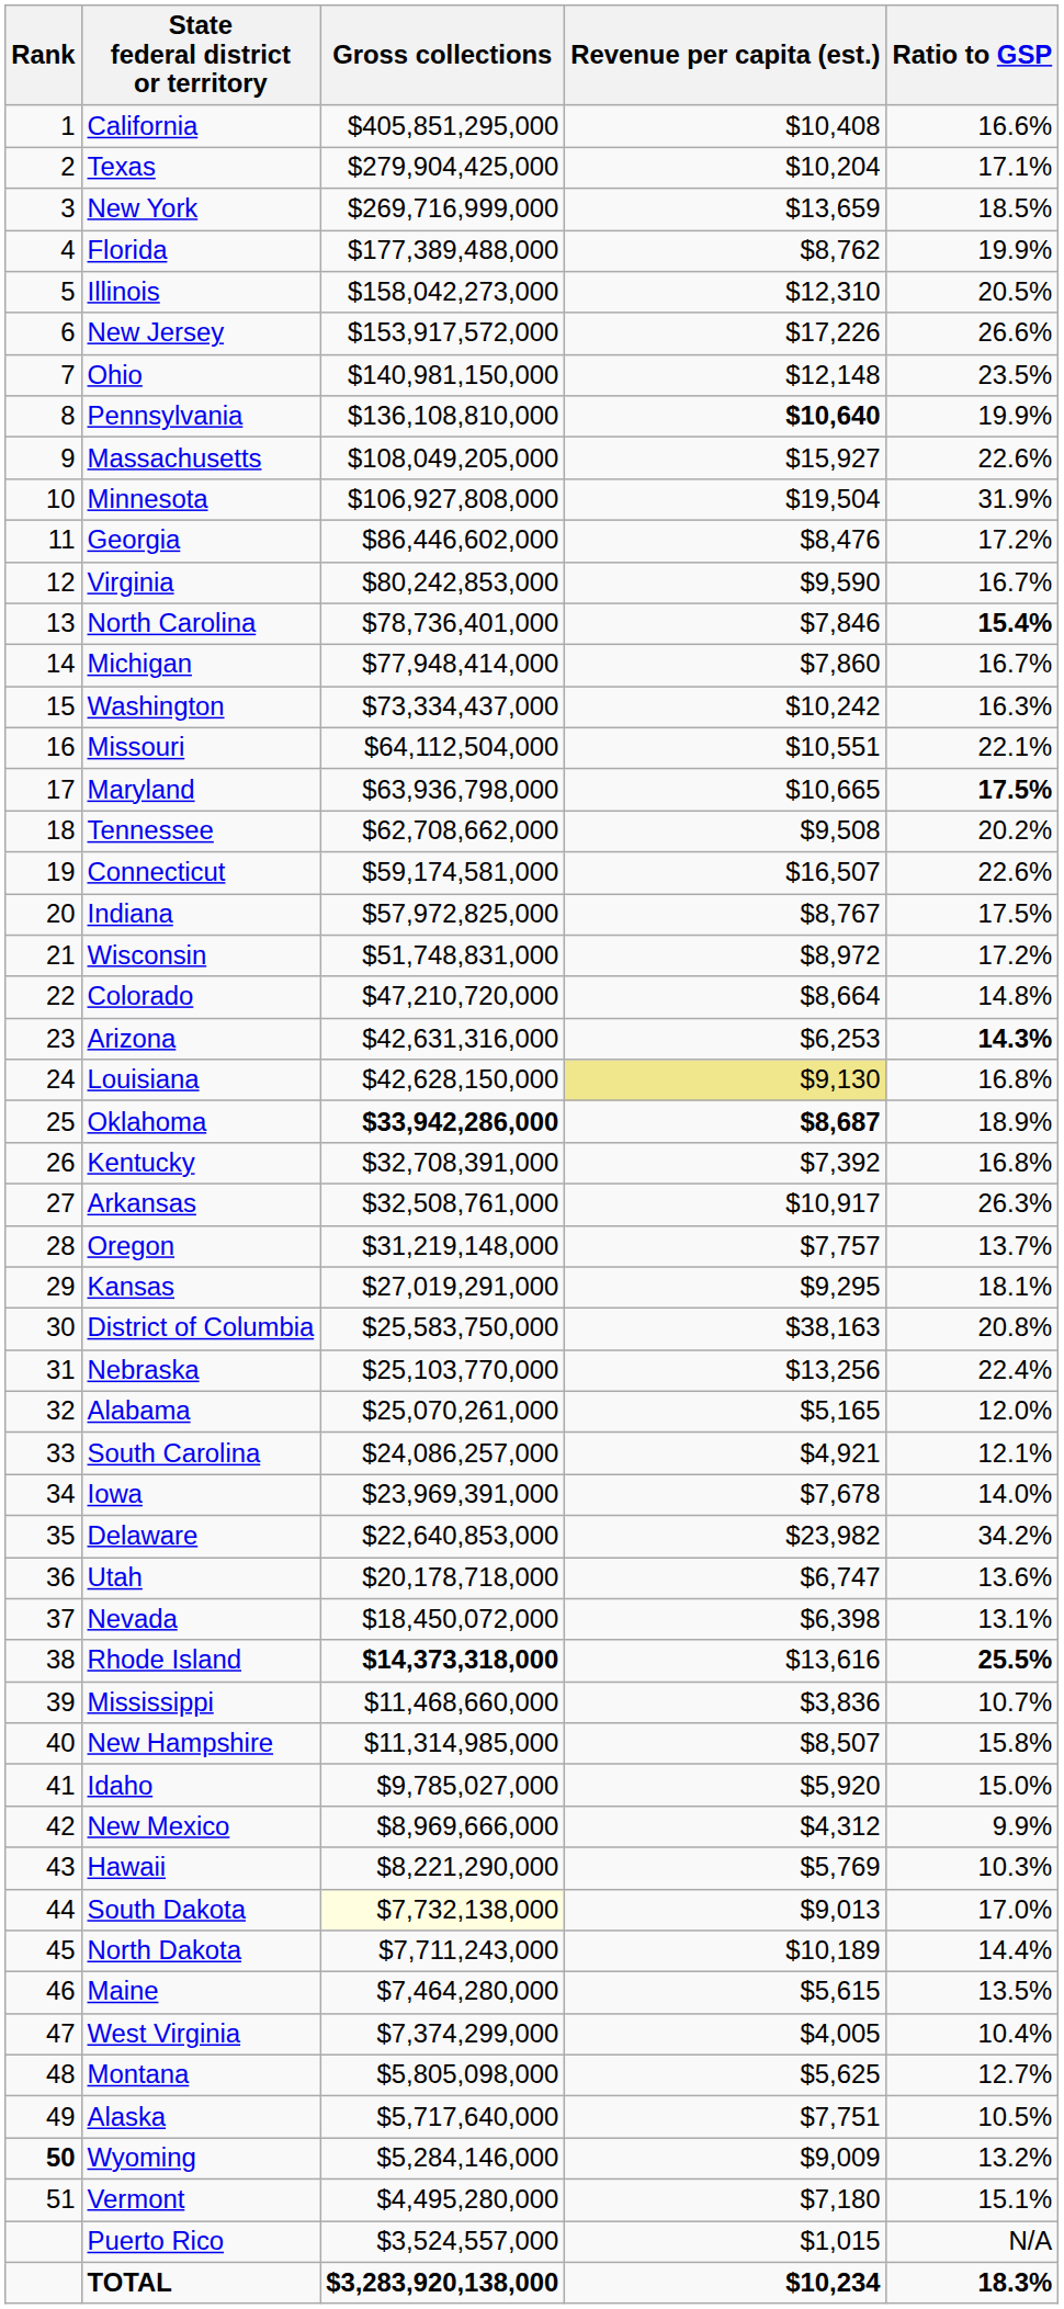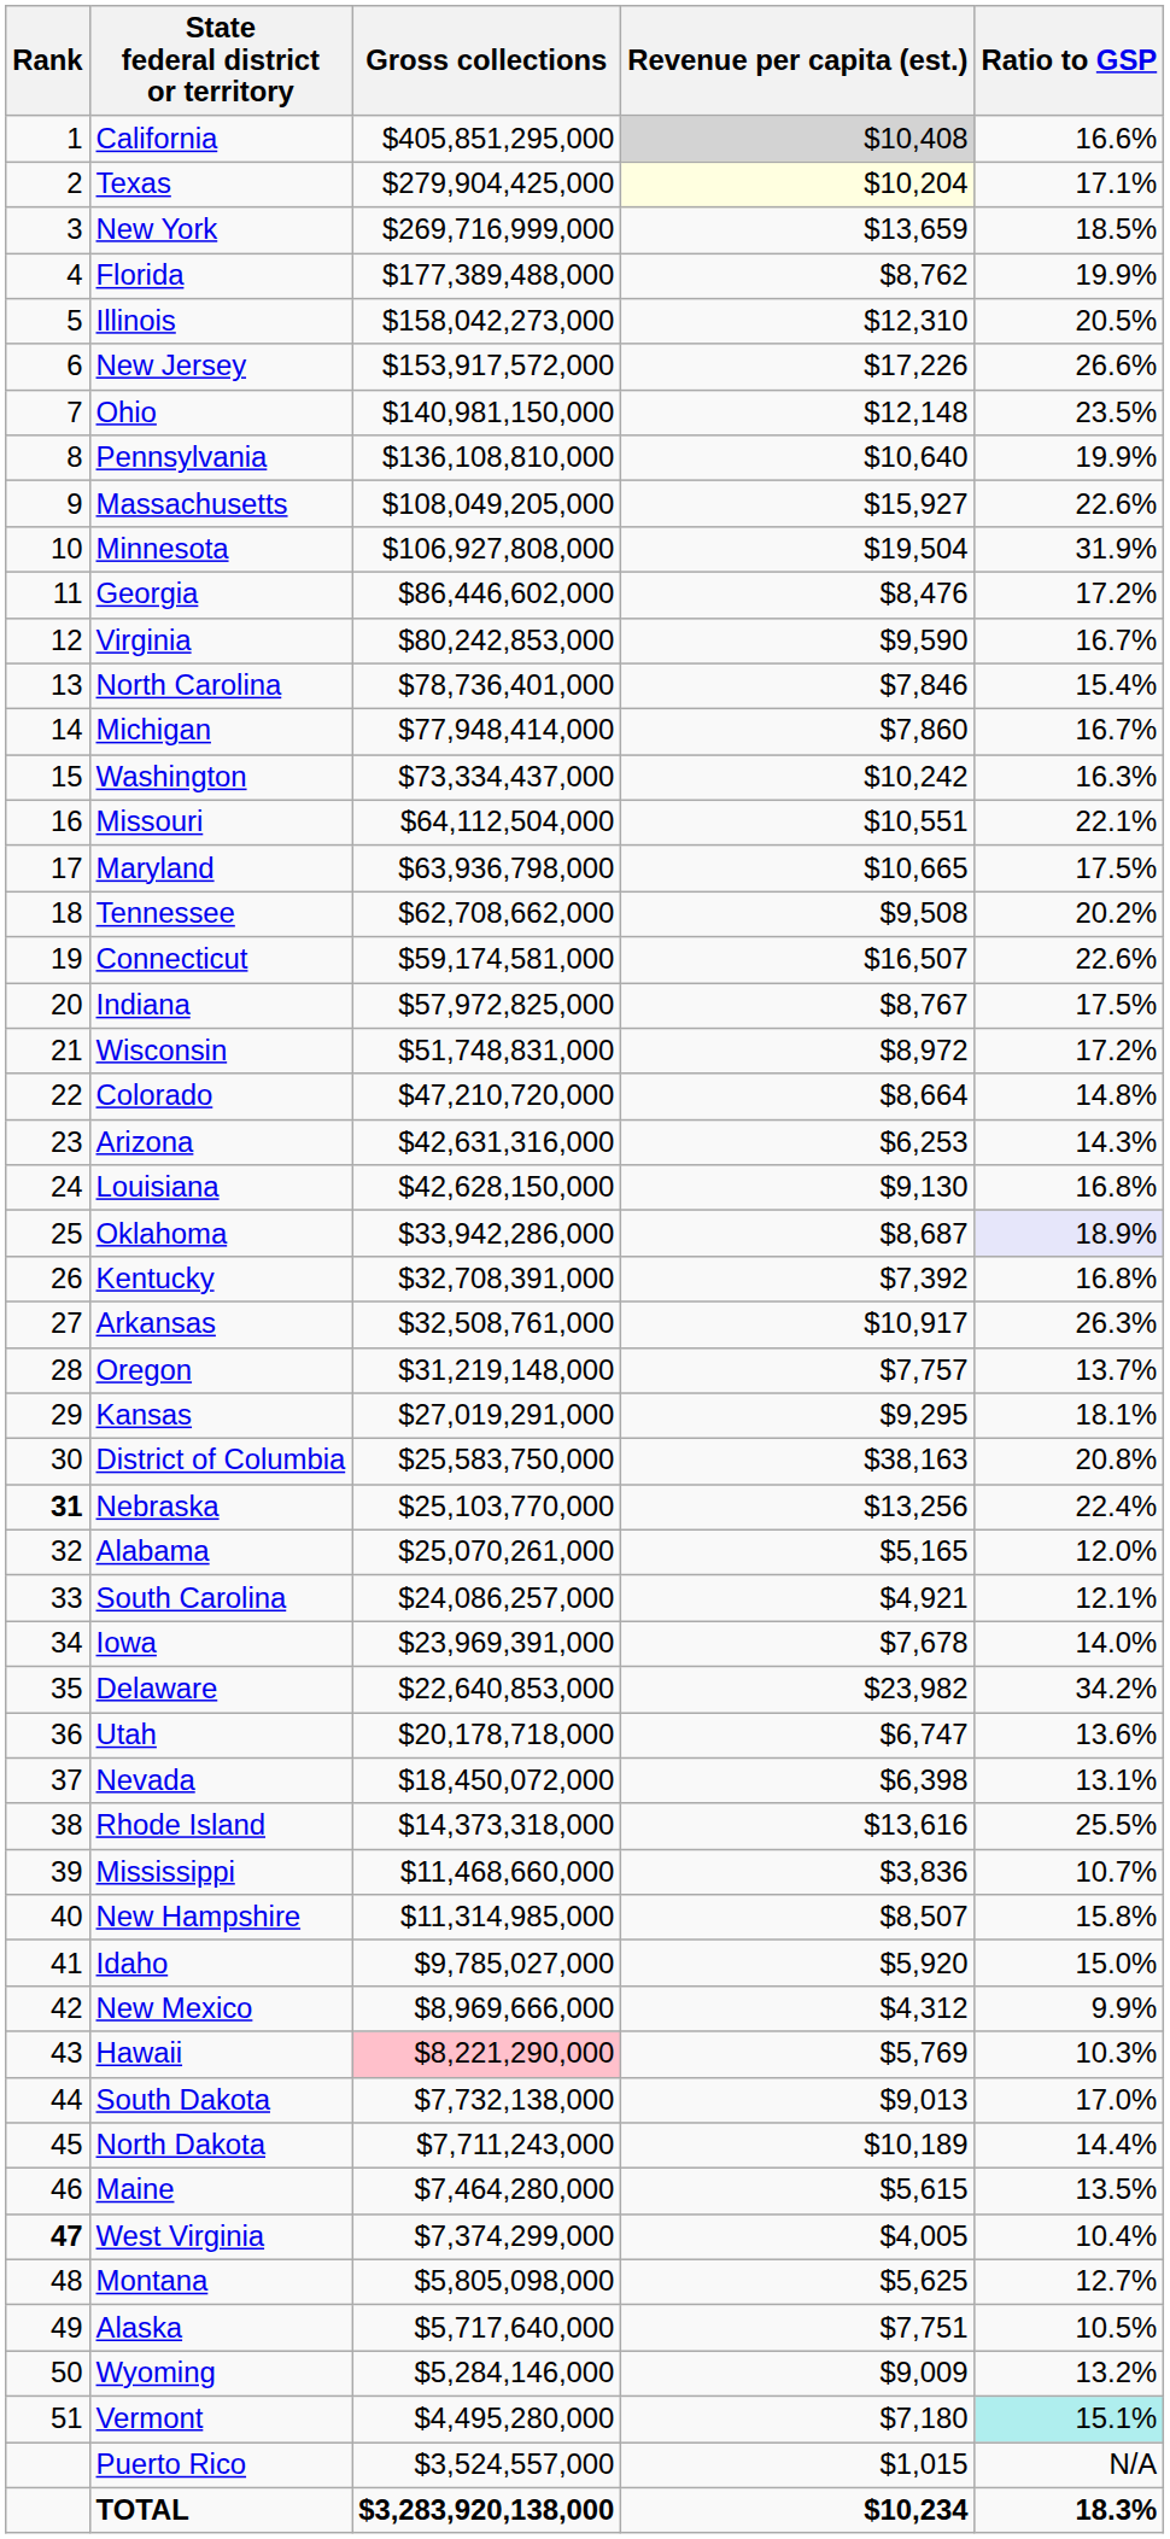 <table class="wikitable sortable">
 <tr>
 <th align=center>Rank</th>
 <th align=center>State<br>federal district<br> or territory</th>
 <th align=center>Gross collections</th>
 <th align=center>Revenue per capita (est.)</th>
 <th align=center>Ratio to <a href='#'>GSP</a></th>
 </tr>
 <tr>
 <td align=right>1</td>
 <td><a href='#'>California</a></td>
 <td align=right>$405,851,295,000</td>
-<td align=right>$10,408</td>
+<td align=right style="background: lightgrey;">$10,408</td>
 <td align=right>16.6%</td>
 </tr>
 <tr>
 <td align=right>2</td>
 <td><a href='#'>Texas</a></td>
 <td align=right>$279,904,425,000</td>
-<td align=right>$10,204</td>
+<td align=right style="background: lightyellow;">$10,204</td>
 <td align=right>17.1%</td>
 </tr>
 <tr>
 <td align=right>3</td>
 <td><a href='#'>New York</a></td>
 <td align=right>$269,716,999,000</td>
 <td align=right>$13,659</td>
 <td align=right>18.5%</td>
 </tr>
 <tr>
 <td align=right>4</td>
 <td><a href='#'>Florida</a></td>
 <td align=right>$177,389,488,000</td>
 <td align=right>$8,762</td>
 <td align=right>19.9%</td>
 </tr>
 <tr>
 <td align=right>5</td>
 <td><a href='#'>Illinois</a></td>
 <td align=right>$158,042,273,000</td>
 <td align=right>$12,310</td>
 <td align=right>20.5%</td>
 </tr>
 <tr>
 <td align=right>6</td>
 <td><a href='#'>New Jersey</a></td>
 <td align=right>$153,917,572,000</td>
 <td align=right>$17,226</td>
 <td align=right>26.6%</td>
 </tr>
 <tr>
 <td align=right>7</td>
 <td><a href='#'>Ohio</a></td>
 <td align=right>$140,981,150,000</td>
 <td align=right>$12,148</td>
 <td align=right>23.5%</td>
 </tr>
 <tr>
 <td align=right>8</td>
 <td><a href='#'>Pennsylvania</a></td>
 <td align=right>$136,108,810,000</td>
-<td align=right><strong>$10,640</strong></td>
+<td align=right>$10,640</td>
 <td align=right>19.9%</td>
 </tr>
 <tr>
 <td align=right>9</td>
 <td><a href='#'>Massachusetts</a></td>
 <td align=right>$108,049,205,000</td>
 <td align=right>$15,927</td>
 <td align=right>22.6%</td>
 </tr>
 <tr>
 <td align=right>10</td>
 <td><a href='#'>Minnesota</a></td>
 <td align=right>$106,927,808,000</td>
 <td align=right>$19,504</td>
 <td align=right>31.9%</td>
 </tr>
 <tr>
 <td align=right>11</td>
 <td><a href='#'>Georgia</a></td>
 <td align=right>$86,446,602,000</td>
 <td align=right>$8,476</td>
 <td align=right>17.2%</td>
 </tr>
 <tr>
 <td align=right>12</td>
 <td><a href='#'>Virginia</a></td>
 <td align=right>$80,242,853,000</td>
 <td align=right>$9,590</td>
 <td align=right>16.7%</td>
 </tr>
 <tr>
 <td align=right>13</td>
 <td><a href='#'>North Carolina</a></td>
 <td align=right>$78,736,401,000</td>
 <td align=right>$7,846</td>
-<td align=right><strong>15.4%</strong></td>
+<td align=right>15.4%</td>
 </tr>
 <tr>
 <td align=right>14</td>
 <td><a href='#'>Michigan</a></td>
 <td align=right>$77,948,414,000</td>
 <td align=right>$7,860</td>
 <td align=right>16.7%</td>
 </tr>
 <tr>
 <td align=right>15</td>
 <td><a href='#'>Washington</a></td>
 <td align=right>$73,334,437,000</td>
 <td align=right>$10,242</td>
 <td align=right>16.3%</td>
 </tr>
 <tr>
 <td align=right>16</td>
 <td><a href='#'>Missouri</a></td>
 <td align=right>$64,112,504,000</td>
 <td align=right>$10,551</td>
 <td align=right>22.1%</td>
 </tr>
 <tr>
 <td align=right>17</td>
 <td><a href='#'>Maryland</a></td>
 <td align=right>$63,936,798,000</td>
 <td align=right>$10,665</td>
-<td align=right><strong>17.5%</strong></td>
+<td align=right>17.5%</td>
 </tr>
 <tr>
 <td align=right>18</td>
 <td><a href='#'>Tennessee</a></td>
 <td align=right>$62,708,662,000</td>
 <td align=right>$9,508</td>
 <td align=right>20.2%</td>
 </tr>
 <tr>
 <td align=right>19</td>
 <td><a href='#'>Connecticut</a></td>
 <td align=right>$59,174,581,000</td>
 <td align=right>$16,507</td>
 <td align=right>22.6%</td>
 </tr>
 <tr>
 <td align=right>20</td>
 <td><a href='#'>Indiana</a></td>
 <td align=right>$57,972,825,000</td>
 <td align=right>$8,767</td>
 <td align=right>17.5%</td>
 </tr>
 <tr>
 <td align=right>21</td>
 <td><a href='#'>Wisconsin</a></td>
 <td align=right>$51,748,831,000</td>
 <td align=right>$8,972</td>
 <td align=right>17.2%</td>
 </tr>
 <tr>
 <td align=right>22</td>
 <td><a href='#'>Colorado</a></td>
 <td align=right>$47,210,720,000</td>
 <td align=right>$8,664</td>
 <td align=right>14.8%</td>
 </tr>
 <tr>
 <td align=right>23</td>
 <td><a href='#'>Arizona</a></td>
 <td align=right>$42,631,316,000</td>
 <td align=right>$6,253</td>
-<td align=right><strong>14.3%</strong></td>
+<td align=right>14.3%</td>
 </tr>
 <tr>
 <td align=right>24</td>
 <td><a href='#'>Louisiana</a></td>
 <td align=right>$42,628,150,000</td>
-<td align=right style="background: khaki;">$9,130</td>
+<td align=right>$9,130</td>
 <td align=right>16.8%</td>
 </tr>
 <tr>
 <td align=right>25</td>
 <td><a href='#'>Oklahoma</a></td>
-<td align=right><strong>$33,942,286,000</strong></td>
-<td align=right><strong>$8,687</strong></td>
-<td align=right>18.9%</td>
+<td align=right>$33,942,286,000</td>
+<td align=right>$8,687</td>
+<td align=right style="background: lavender;">18.9%</td>
 </tr>
 <tr>
 <td align=right>26</td>
 <td><a href='#'>Kentucky</a></td>
 <td align=right>$32,708,391,000</td>
 <td align=right>$7,392</td>
 <td align=right>16.8%</td>
 </tr>
 <tr>
 <td align=right>27</td>
 <td><a href='#'>Arkansas</a></td>
 <td align=right>$32,508,761,000</td>
 <td align=right>$10,917</td>
 <td align=right>26.3%</td>
 </tr>
 <tr>
 <td align=right>28</td>
 <td><a href='#'>Oregon</a></td>
 <td align=right>$31,219,148,000</td>
 <td align=right>$7,757</td>
 <td align=right>13.7%</td>
 </tr>
 <tr>
 <td align=right>29</td>
 <td><a href='#'>Kansas</a></td>
 <td align=right>$27,019,291,000</td>
 <td align=right>$9,295</td>
 <td align=right>18.1%</td>
 </tr>
 <tr>
 <td align=right>30</td>
 <td><a href='#'>District of Columbia</a></td>
 <td align=right>$25,583,750,000</td>
 <td align=right>$38,163</td>
 <td align=right>20.8%</td>
 </tr>
 <tr>
-<td align=right>31</td>
+<td align=right><strong>31</strong></td>
 <td><a href='#'>Nebraska</a></td>
 <td align=right>$25,103,770,000</td>
 <td align=right>$13,256</td>
 <td align=right>22.4%</td>
 </tr>
 <tr>
 <td align=right>32</td>
 <td><a href='#'>Alabama</a></td>
 <td align=right>$25,070,261,000</td>
 <td align=right>$5,165</td>
 <td align=right>12.0%</td>
 </tr>
 <tr>
 <td align=right>33</td>
 <td><a href='#'>South Carolina</a></td>
 <td align=right>$24,086,257,000</td>
 <td align=right>$4,921</td>
 <td align=right>12.1%</td>
 </tr>
 <tr>
 <td align=right>34</td>
 <td><a href='#'>Iowa</a></td>
 <td align=right>$23,969,391,000</td>
 <td align=right>$7,678</td>
 <td align=right>14.0%</td>
 </tr>
 <tr>
 <td align=right>35</td>
 <td><a href='#'>Delaware</a></td>
 <td align=right>$22,640,853,000</td>
 <td align=right>$23,982</td>
 <td align=right>34.2%</td>
 </tr>
 <tr>
 <td align=right>36</td>
 <td><a href='#'>Utah</a></td>
 <td align=right>$20,178,718,000</td>
 <td align=right>$6,747</td>
 <td align=right>13.6%</td>
 </tr>
 <tr>
 <td align=right>37</td>
 <td><a href='#'>Nevada</a></td>
 <td align=right>$18,450,072,000</td>
 <td align=right>$6,398</td>
 <td align=right>13.1%</td>
 </tr>
 <tr>
 <td align=right>38</td>
 <td><a href='#'>Rhode Island</a></td>
-<td align=right><strong>$14,373,318,000</strong></td>
+<td align=right>$14,373,318,000</td>
 <td align=right>$13,616</td>
-<td align=right><strong>25.5%</strong></td>
+<td align=right>25.5%</td>
 </tr>
 <tr>
 <td align=right>39</td>
 <td><a href='#'>Mississippi</a></td>
 <td align=right>$11,468,660,000</td>
 <td align=right>$3,836</td>
 <td align=right>10.7%</td>
 </tr>
 <tr>
 <td align=right>40</td>
 <td><a href='#'>New Hampshire</a></td>
 <td align=right>$11,314,985,000</td>
 <td align=right>$8,507</td>
 <td align=right>15.8%</td>
 </tr>
 <tr>
 <td align=right>41</td>
 <td><a href='#'>Idaho</a></td>
 <td align=right>$9,785,027,000</td>
 <td align=right>$5,920</td>
 <td align=right>15.0%</td>
 </tr>
 <tr>
 <td align=right>42</td>
 <td><a href='#'>New Mexico</a></td>
 <td align=right>$8,969,666,000</td>
 <td align=right>$4,312</td>
 <td align=right>9.9%</td>
 </tr>
 <tr>
 <td align=right>43</td>
 <td><a href='#'>Hawaii</a></td>
-<td align=right>$8,221,290,000</td>
+<td align=right style="background: pink;">$8,221,290,000</td>
 <td align=right>$5,769</td>
 <td align=right>10.3%</td>
 </tr>
 <tr>
 <td align=right>44</td>
 <td><a href='#'>South Dakota</a></td>
-<td align=right style="background: lightyellow;">$7,732,138,000</td>
+<td align=right>$7,732,138,000</td>
 <td align=right>$9,013</td>
 <td align=right>17.0%</td>
 </tr>
 <tr>
 <td align=right>45</td>
 <td><a href='#'>North Dakota</a></td>
 <td align=right>$7,711,243,000</td>
 <td align=right>$10,189</td>
 <td align=right>14.4%</td>
 </tr>
 <tr>
 <td align=right>46</td>
 <td><a href='#'>Maine</a></td>
 <td align=right>$7,464,280,000</td>
 <td align=right>$5,615</td>
 <td align=right>13.5%</td>
 </tr>
 <tr>
-<td align=right>47</td>
+<td align=right><strong>47</strong></td>
 <td><a href='#'>West Virginia</a></td>
 <td align=right>$7,374,299,000</td>
 <td align=right>$4,005</td>
 <td align=right>10.4%</td>
 </tr>
 <tr>
 <td align=right>48</td>
 <td><a href='#'>Montana</a></td>
 <td align=right>$5,805,098,000</td>
 <td align=right>$5,625</td>
 <td align=right>12.7%</td>
 </tr>
 <tr>
 <td align=right>49</td>
 <td><a href='#'>Alaska</a></td>
 <td align=right>$5,717,640,000</td>
 <td align=right>$7,751</td>
 <td align=right>10.5%</td>
 </tr>
 <tr>
-<td align=right><strong>50</strong></td>
+<td align=right>50</td>
 <td><a href='#'>Wyoming</a></td>
 <td align=right>$5,284,146,000</td>
 <td align=right>$9,009</td>
 <td align=right>13.2%</td>
 </tr>
 <tr>
 <td align=right>51</td>
 <td><a href='#'>Vermont</a></td>
 <td align=right>$4,495,280,000</td>
 <td align=right>$7,180</td>
-<td align=right>15.1%</td>
+<td align=right style="background: paleturquoise;">15.1%</td>
 </tr>
 <tr>
 <td></td>
 <td><a href='#'>Puerto Rico</a></td>
 <td align=right>$3,524,557,000</td>
 <td align=right>$1,015</td>
 <td align=right>N/A</td>
 </tr>
 <tr class="sortbottom">
 <td></td>
 <td><strong>TOTAL</strong></td>
 <td align=right><strong>$3,283,920,138,000</strong></td>
 <td align=right><strong>$10,234</strong></td>
 <td align=right><strong>18.3%</strong></td>
 </tr>
 </table>
